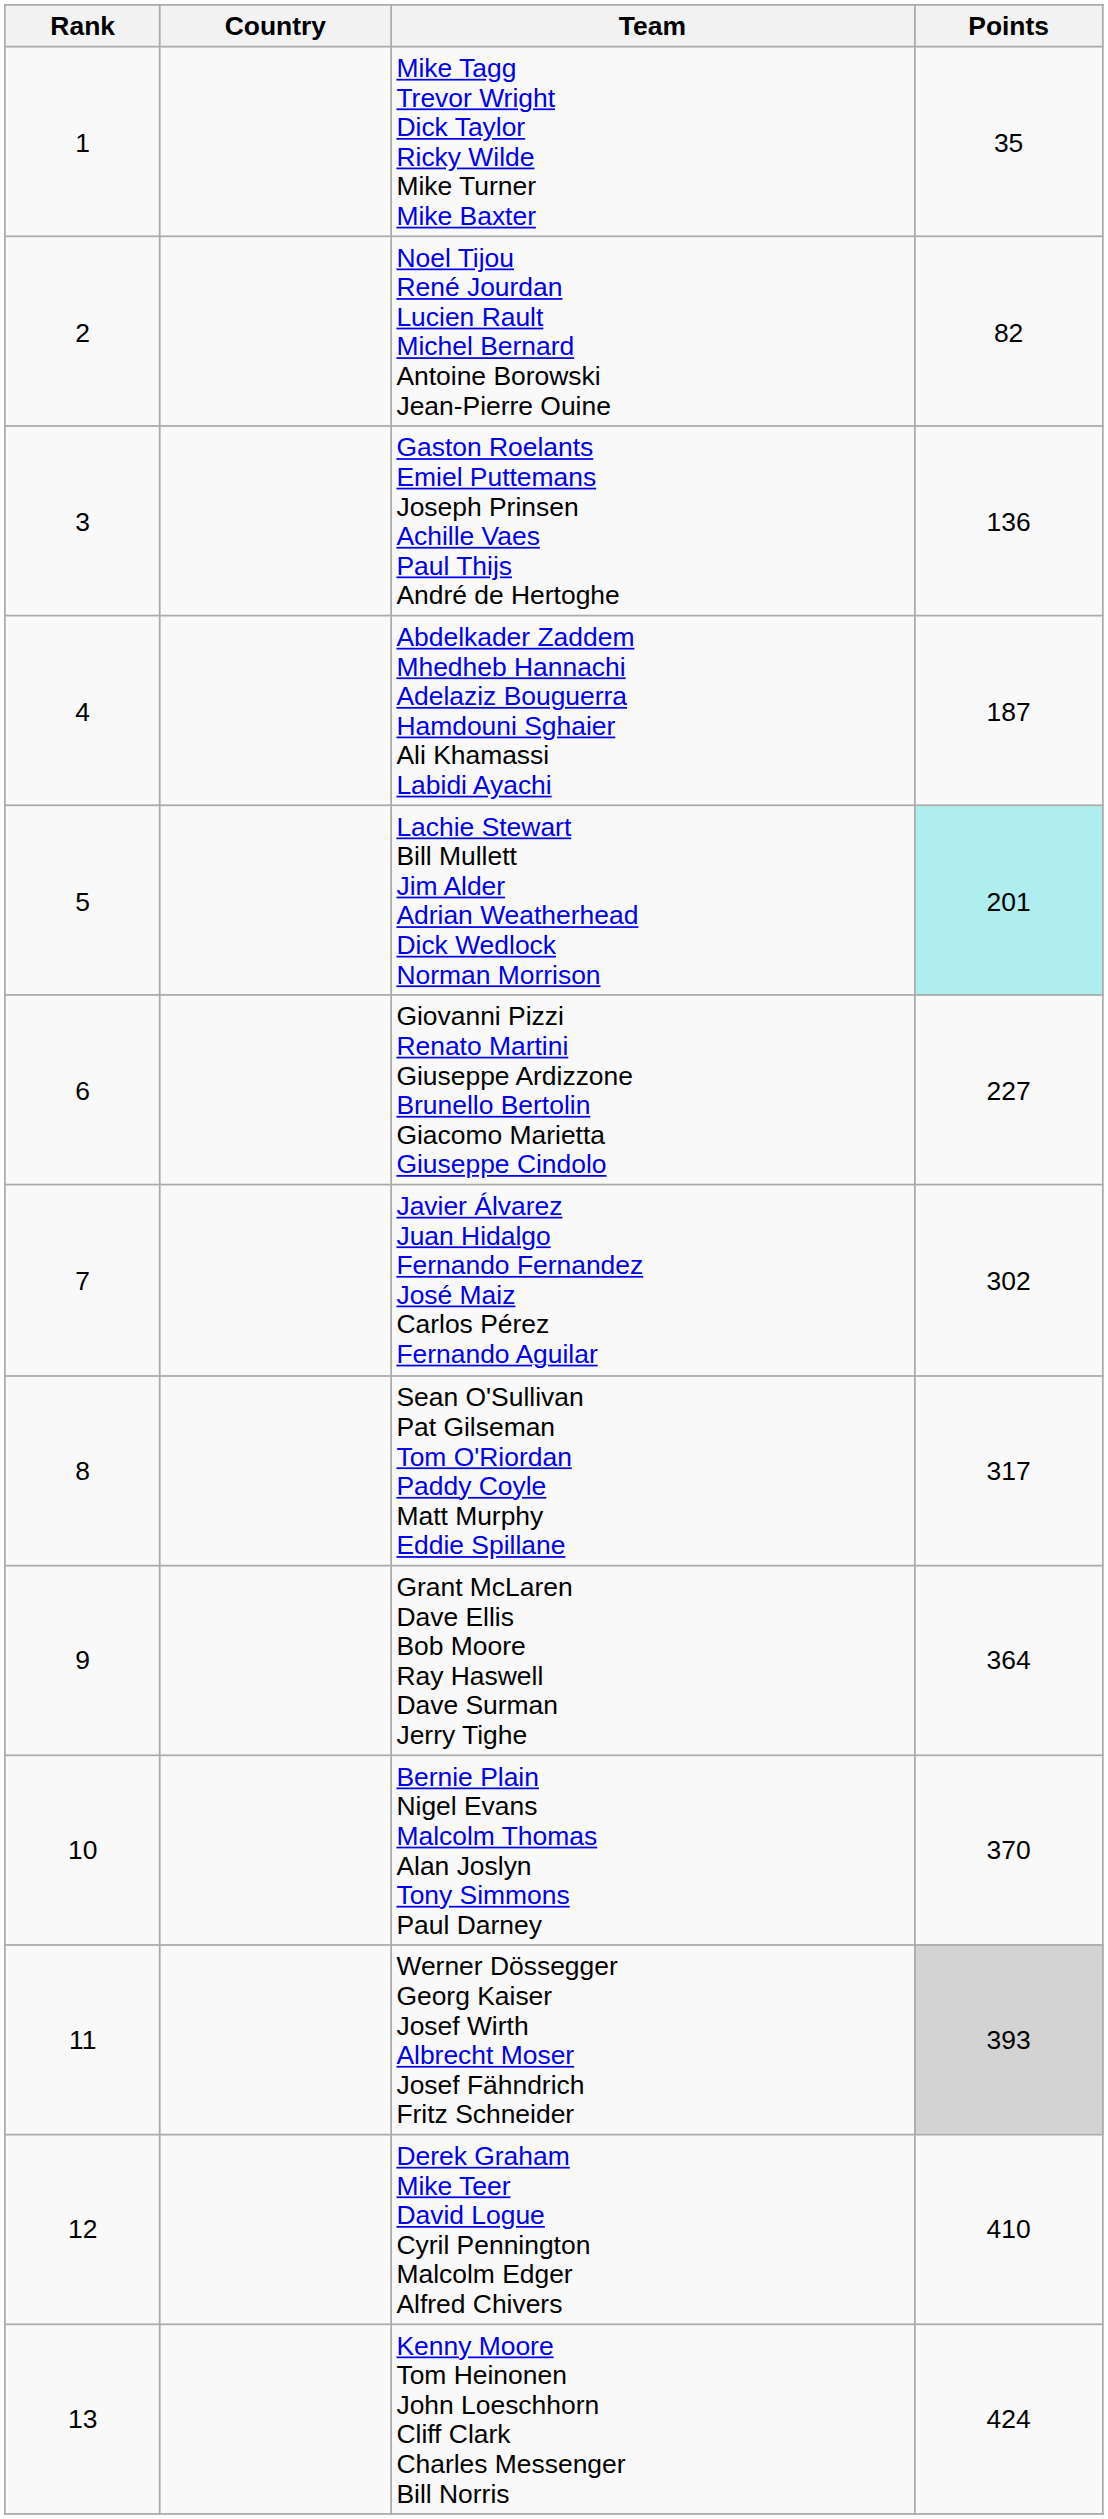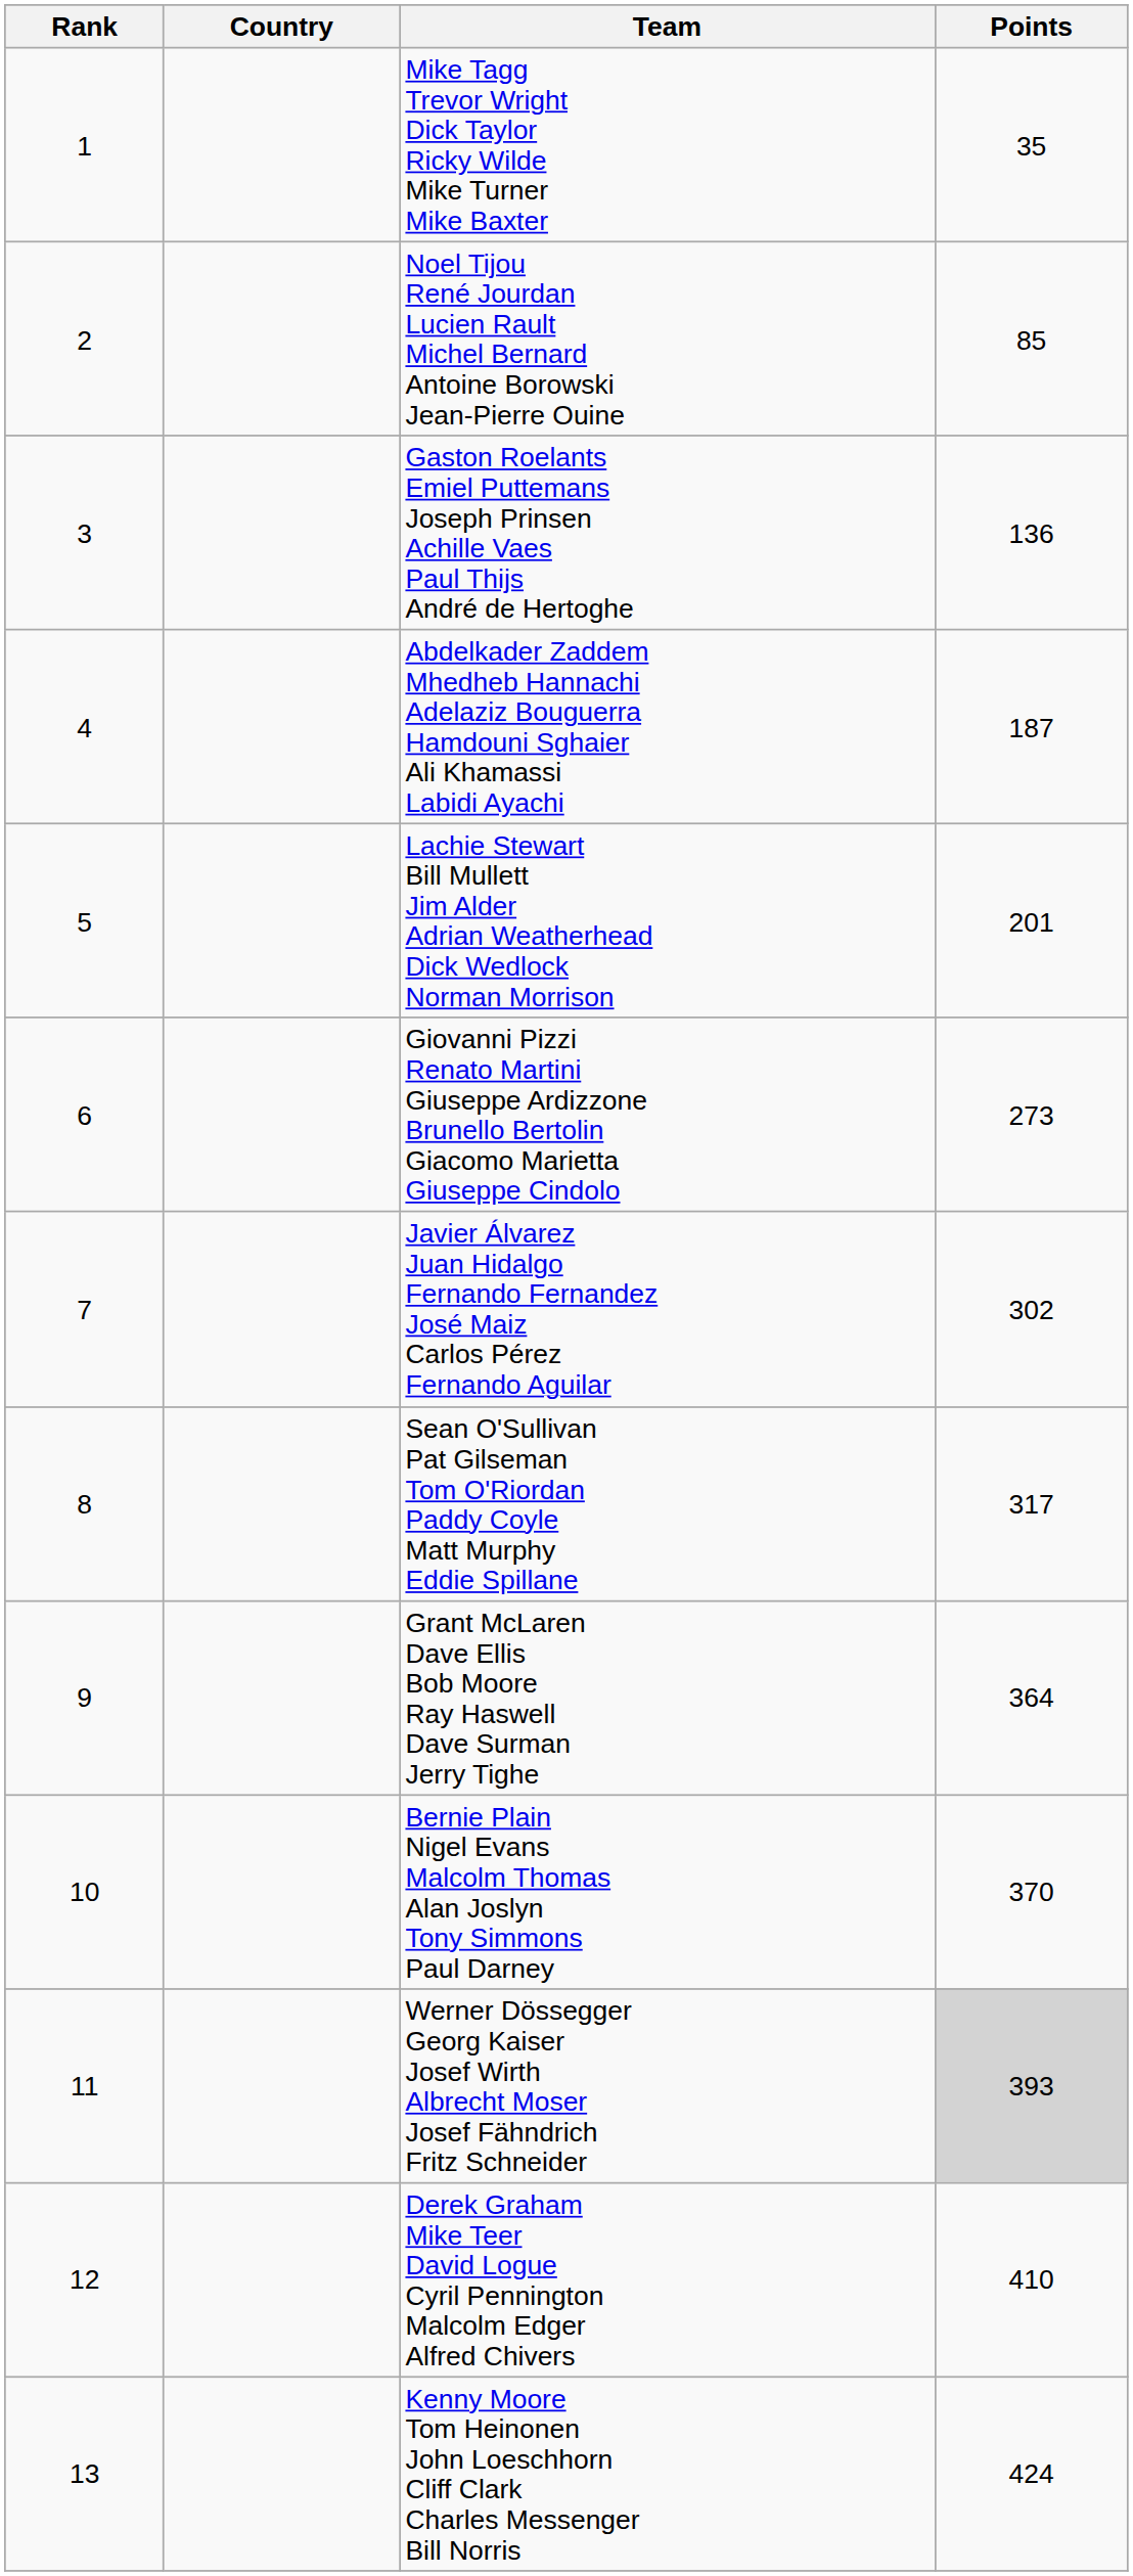 <table class="wikitable sortable" style=" text-align:center; font-size:95%;" width="50%">
 <tr>
 <th>Rank</th>
 <th>Country</th>
 <th>Team</th>
 <th>Points</th>
 </tr>
 <tr>
 <td align=center>1</td>
 <td align=left></td>
 <td align=left><a href='#'>Mike Tagg</a><br><a href='#'>Trevor Wright</a><br><a href='#'>Dick Taylor</a><br><a href='#'>Ricky Wilde</a><br>Mike Turner<br><a href='#'>Mike Baxter</a></td>
 <td>35</td>
 </tr>
 <tr>
 <td align=center>2</td>
 <td align=left></td>
 <td align=left><a href='#'>Noel Tijou</a><br><a href='#'>René Jourdan</a><br><a href='#'>Lucien Rault</a><br><a href='#'>Michel Bernard</a><br>Antoine Borowski<br>Jean-Pierre Ouine</td>
-<td>82</td>
+<td>85</td>
 </tr>
 <tr>
 <td align=center>3</td>
 <td align=left></td>
 <td align=left><a href='#'>Gaston Roelants</a><br><a href='#'>Emiel Puttemans</a><br>Joseph Prinsen<br><a href='#'>Achille Vaes</a><br><a href='#'>Paul Thijs</a><br>André de Hertoghe</td>
 <td>136</td>
 </tr>
 <tr>
 <td align=center>4</td>
 <td align=left></td>
 <td align=left><a href='#'>Abdelkader Zaddem</a><br><a href='#'>Mhedheb Hannachi</a><br><a href='#'>Adelaziz Bouguerra</a><br><a href='#'>Hamdouni Sghaier</a><br>Ali Khamassi<br><a href='#'>Labidi Ayachi</a></td>
 <td>187</td>
 </tr>
 <tr>
 <td align=center>5</td>
 <td align=left></td>
 <td align=left><a href='#'>Lachie Stewart</a><br>Bill Mullett<br><a href='#'>Jim Alder</a><br><a href='#'>Adrian Weatherhead</a><br><a href='#'>Dick Wedlock</a><br><a href='#'>Norman Morrison</a></td>
-<td style="background: paleturquoise;">201</td>
+<td>201</td>
 </tr>
 <tr>
 <td align=center>6</td>
 <td align=left></td>
 <td align=left>Giovanni Pizzi<br><a href='#'>Renato Martini</a><br>Giuseppe Ardizzone<br><a href='#'>Brunello Bertolin</a><br>Giacomo Marietta<br><a href='#'>Giuseppe Cindolo</a></td>
-<td>227</td>
+<td>273</td>
 </tr>
 <tr>
 <td align=center>7</td>
 <td align=left></td>
 <td align=left><a href='#'>Javier Álvarez</a><br><a href='#'>Juan Hidalgo</a><br><a href='#'>Fernando Fernandez</a><br><a href='#'>José Maiz</a><br>Carlos Pérez<br><a href='#'>Fernando Aguilar</a></td>
 <td>302</td>
 </tr>
 <tr>
 <td align=center>8</td>
 <td align=left></td>
 <td align=left>Sean O'Sullivan<br>Pat Gilseman<br><a href='#'>Tom O'Riordan</a><br><a href='#'>Paddy Coyle</a><br>Matt Murphy<br><a href='#'>Eddie Spillane</a></td>
 <td>317</td>
 </tr>
 <tr>
 <td align=center>9</td>
 <td align=left></td>
 <td align=left>Grant McLaren<br>Dave Ellis<br>Bob Moore<br>Ray Haswell<br>Dave Surman<br>Jerry Tighe</td>
 <td>364</td>
 </tr>
 <tr>
 <td align=center>10</td>
 <td align=left></td>
 <td align=left><a href='#'>Bernie Plain</a><br>Nigel Evans<br><a href='#'>Malcolm Thomas</a><br>Alan Joslyn<br><a href='#'>Tony Simmons</a><br>Paul Darney</td>
 <td>370</td>
 </tr>
 <tr>
 <td align=center>11</td>
 <td align=left></td>
 <td align=left>Werner Dössegger<br>Georg Kaiser<br>Josef Wirth<br><a href='#'>Albrecht Moser</a><br>Josef Fähndrich<br>Fritz Schneider</td>
 <td style="background: lightgrey;">393</td>
 </tr>
 <tr>
 <td align=center>12</td>
 <td align=left></td>
 <td align=left><a href='#'>Derek Graham</a><br><a href='#'>Mike Teer</a><br><a href='#'>David Logue</a><br>Cyril Pennington<br>Malcolm Edger<br>Alfred Chivers</td>
 <td>410</td>
 </tr>
 <tr>
 <td align=center>13</td>
 <td align=left></td>
 <td align=left><a href='#'>Kenny Moore</a><br>Tom Heinonen<br>John Loeschhorn<br>Cliff Clark<br>Charles Messenger<br>Bill Norris</td>
 <td>424</td>
 </tr>
 </table>
